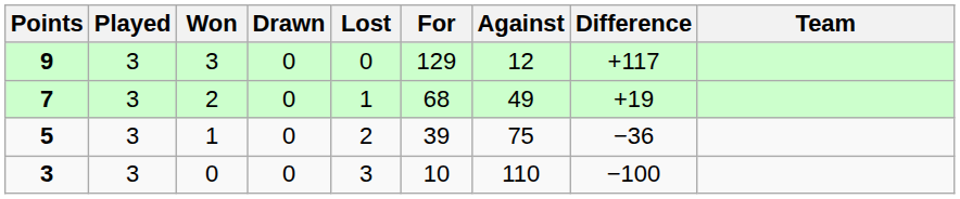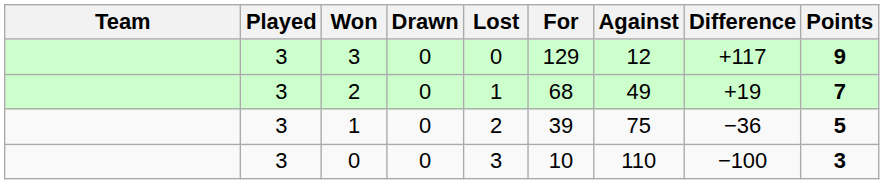 <table class="wikitable" style="text-align:center">
 <tr>
-<th width=40>Points</th>
+<th width=165>Team</th>
 <th width=40>Played</th>
 <th width=40>Won</th>
 <th width=40>Drawn</th>
 <th width=40>Lost</th>
 <th width=40>For</th>
 <th width=40>Against</th>
 <th width=40>Difference</th>
-<th width=165>Team</th>
+<th width=40>Points</th>
 </tr>
 <tr bgcolor=#ccffcc>
-<td><strong>9</strong></td>
+<td style="text-align:left"></td>
 <td>3</td>
 <td>3</td>
 <td>0</td>
 <td>0</td>
 <td>129</td>
 <td>12</td>
 <td>+117</td>
-<td style="text-align:left"></td>
+<td><strong>9</strong></td>
 </tr>
 <tr bgcolor=#ccffcc>
-<td><strong>7</strong></td>
+<td style="text-align:left"></td>
 <td>3</td>
 <td>2</td>
 <td>0</td>
 <td>1</td>
 <td>68</td>
 <td>49</td>
 <td>+19</td>
-<td style="text-align:left"></td>
+<td><strong>7</strong></td>
 </tr>
 <tr>
-<td><strong>5</strong></td>
+<td style="text-align:left"></td>
 <td>3</td>
 <td>1</td>
 <td>0</td>
 <td>2</td>
 <td>39</td>
 <td>75</td>
 <td>−36</td>
-<td style="text-align:left"></td>
+<td><strong>5</strong></td>
 </tr>
 <tr>
-<td><strong>3</strong></td>
+<td style="text-align:left"></td>
 <td>3</td>
 <td>0</td>
 <td>0</td>
 <td>3</td>
 <td>10</td>
 <td>110</td>
 <td>−100</td>
-<td style="text-align:left"></td>
+<td><strong>3</strong></td>
 </tr>
 </table>
